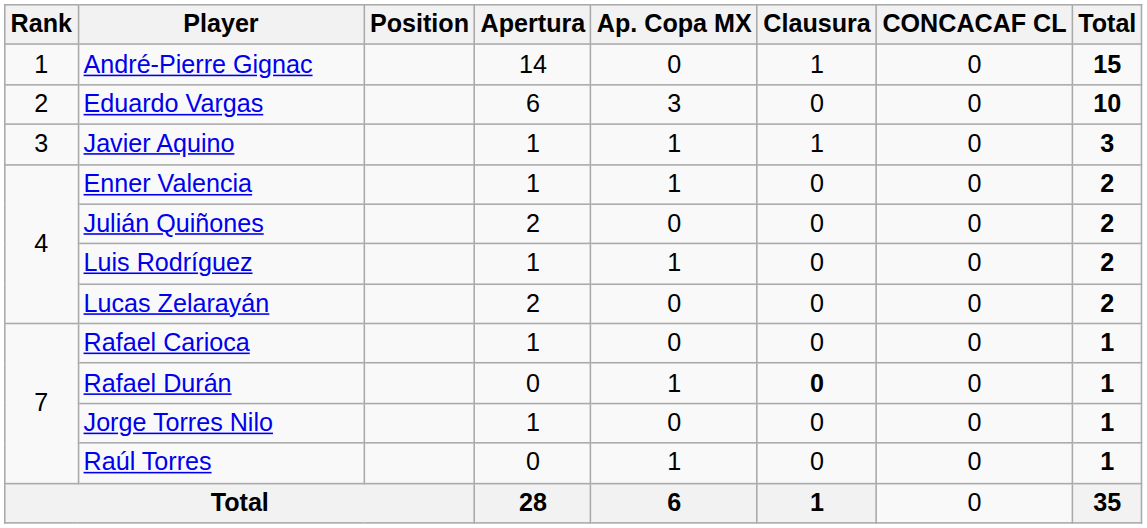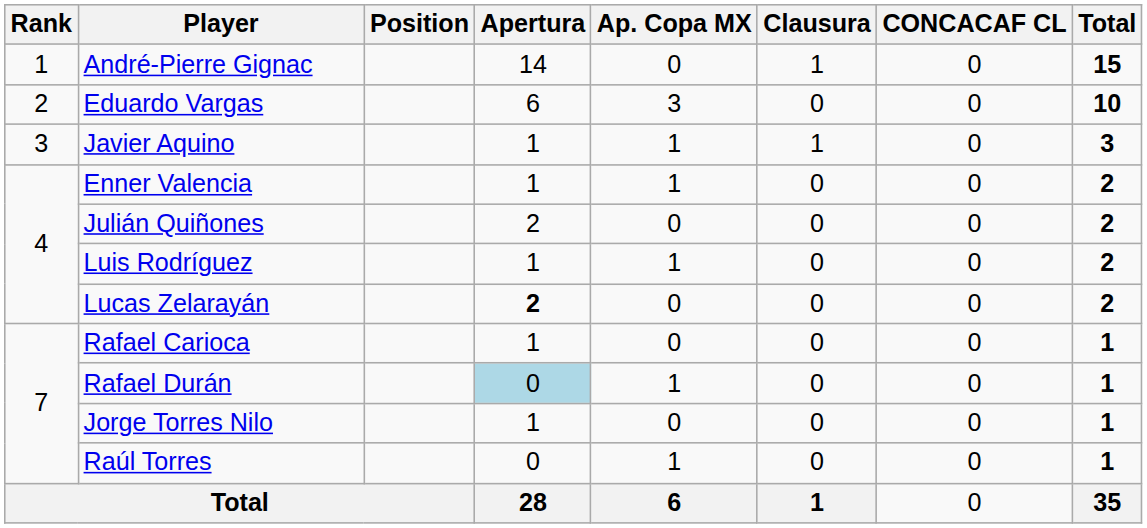 <table class="wikitable">
 <tr>
 <th>Rank</th>
 <th style="width:175px;">Player</th>
 <th>Position</th>
 <th>Apertura</th>
 <th>Ap. Copa MX</th>
 <th>Clausura</th>
 <th>CONCACAF CL</th>
 <th>Total</th>
 </tr>
 <tr>
 <td align=center>1</td>
 <td> <a href='#'>André-Pierre Gignac</a></td>
 <td align=center></td>
 <td align=center>14</td>
 <td align=center>0</td>
 <td align=center>1</td>
 <td align=center>0</td>
 <td align=center><strong>15</strong></td>
 </tr>
 <tr>
 <td align=center>2</td>
 <td> <a href='#'>Eduardo Vargas</a></td>
 <td align=center></td>
 <td align=center>6</td>
 <td align=center>3</td>
 <td align=center>0</td>
 <td align=center>0</td>
 <td align=center><strong>10</strong></td>
 </tr>
 <tr>
 <td align=center>3</td>
 <td> <a href='#'>Javier Aquino</a></td>
 <td align=center></td>
 <td align=center>1</td>
 <td align=center>1</td>
 <td align=center>1</td>
 <td align=center>0</td>
 <td align=center><strong>3</strong></td>
 </tr>
 <tr>
 <td align=center rowspan=4>4</td>
 <td> <a href='#'>Enner Valencia</a></td>
 <td align=center></td>
 <td align=center>1</td>
 <td align=center>1</td>
 <td align=center>0</td>
 <td align=center>0</td>
 <td align=center><strong>2</strong></td>
 </tr>
 <tr>
 <td> <a href='#'>Julián Quiñones</a></td>
 <td align=center></td>
 <td align=center>2</td>
 <td align=center>0</td>
 <td align=center>0</td>
 <td align=center>0</td>
 <td align=center><strong>2</strong></td>
 </tr>
 <tr>
 <td> <a href='#'>Luis Rodríguez</a></td>
 <td align=center></td>
 <td align=center>1</td>
 <td align=center>1</td>
 <td align=center>0</td>
 <td align=center>0</td>
 <td align=center><strong>2</strong></td>
 </tr>
 <tr>
 <td> <a href='#'>Lucas Zelarayán</a></td>
 <td align=center></td>
-<td align=center>2</td>
+<td align=center><strong>2</strong></td>
 <td align=center>0</td>
 <td align=center>0</td>
 <td align=center>0</td>
 <td align=center><strong>2</strong></td>
 </tr>
 <tr>
 <td align=center rowspan=4>7</td>
 <td> <a href='#'>Rafael Carioca</a></td>
 <td align=center></td>
 <td align=center>1</td>
 <td align=center>0</td>
 <td align=center>0</td>
 <td align=center>0</td>
 <td align=center><strong>1</strong></td>
 </tr>
 <tr>
 <td> <a href='#'>Rafael Durán</a></td>
 <td align=center></td>
+<td align=center style="background: lightblue;">0</td>
+<td align=center>1</td>
 <td align=center>0</td>
-<td align=center>1</td>
-<td align=center><strong>0</strong></td>
 <td align=center>0</td>
 <td align=center><strong>1</strong></td>
 </tr>
 <tr>
 <td> <a href='#'>Jorge Torres Nilo</a></td>
 <td align=center></td>
 <td align=center>1</td>
 <td align=center>0</td>
 <td align=center>0</td>
 <td align=center>0</td>
 <td align=center><strong>1</strong></td>
 </tr>
 <tr>
 <td> <a href='#'>Raúl Torres</a></td>
 <td align=center></td>
 <td align=center>0</td>
 <td align=center>1</td>
 <td align=center>0</td>
 <td align=center>0</td>
 <td align=center><strong>1</strong></td>
 </tr>
 <tr>
 <th align=center colspan=3>Total</th>
 <th align=center>28</th>
 <th align=center>6</th>
 <th align=center>1</th>
 <td align=center>0</td>
 <th align=center>35</th>
 </tr>
 </table>
